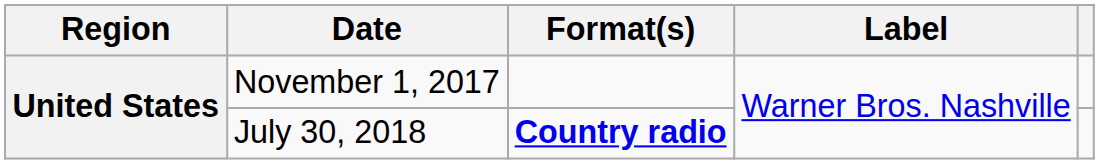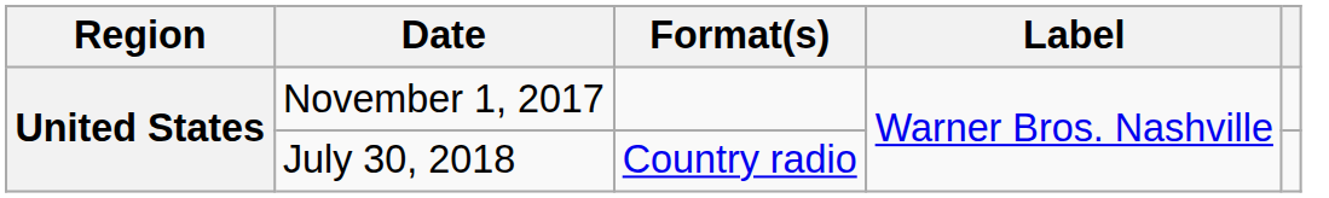 <table class="wikitable plainrowheaders">
 <tr>
 <th scope="col">Region</th>
 <th scope="col">Date</th>
 <th scope="col">Format(s)</th>
 <th scope="col">Label</th>
 <th scope="col"></th>
 </tr>
 <tr>
 <th scope="row" rowspan="2">United States</th>
 <td>November 1, 2017</td>
 <td></td>
 <td rowspan="2"><a href='#'>Warner Bros. Nashville</a></td>
 <td style="text-align:center;"></td>
 </tr>
 <tr>
 <td>July 30, 2018</td>
-<td><strong><a href='#'>Country radio</a></strong></td>
+<td><a href='#'>Country radio</a></td>
 <td style="text-align:center;"></td>
 </tr>
 </table>
